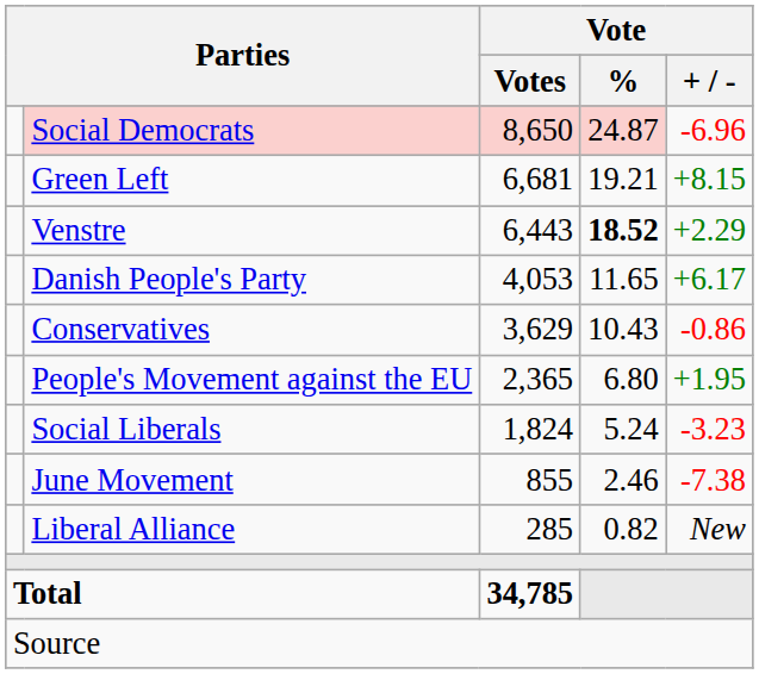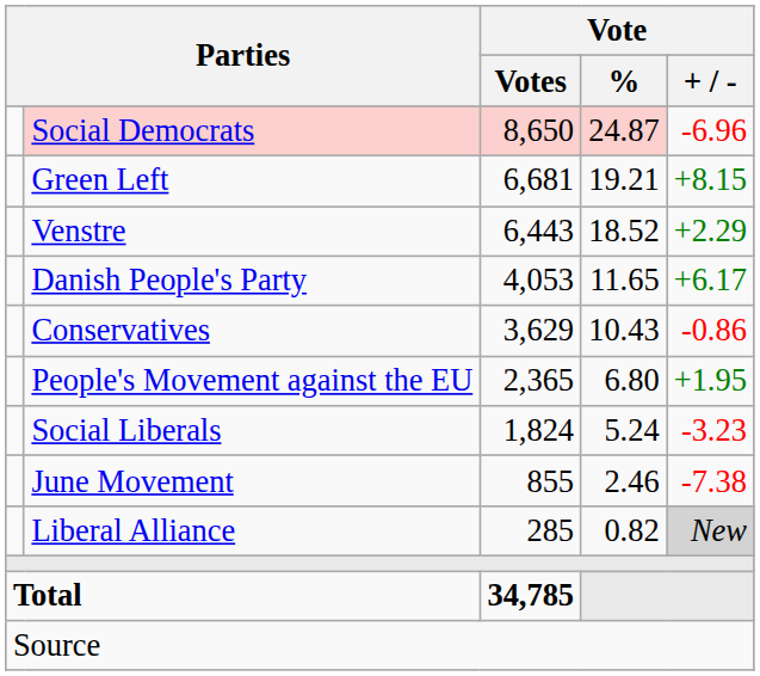 <table class="wikitable" style="text-align:right;">
 <tr>
 <th style="text-align:centre;" rowspan="2" colspan="2" width="225">Parties</th>
 <th colspan="3">Vote</th>
 </tr>
 <tr>
 <th width="15">Votes</th>
 <th width="15">%</th>
 <th width="15">+ / -</th>
 </tr>
 <tr>
 <td width="2" style="color:inherit;background:"></td>
 <td bgcolor=#fbd0ce   align="left"><a href='#'>Social Democrats</a></td>
 <td bgcolor=#fbd0ce>8,650</td>
 <td bgcolor=#fbd0ce>24.87</td>
 <td style=color:red;>-6.96</td>
 </tr>
 <tr>
 <td width="2" style="color:inherit;background:"></td>
 <td align="left"><a href='#'>Green Left</a></td>
 <td>6,681</td>
 <td>19.21</td>
 <td style=color:green;>+8.15</td>
 </tr>
 <tr>
 <td width="2" style="color:inherit;background:"></td>
 <td align="left"><a href='#'>Venstre</a></td>
 <td>6,443</td>
-<td><strong>18.52</strong></td>
+<td>18.52</td>
 <td style=color:green;>+2.29</td>
 </tr>
 <tr>
 <td width="2" style="color:inherit;background:"></td>
 <td align="left"><a href='#'>Danish People's Party</a></td>
 <td>4,053</td>
 <td>11.65</td>
 <td style=color:green;>+6.17</td>
 </tr>
 <tr>
 <td width="2" style="color:inherit;background:"></td>
 <td align="left"><a href='#'>Conservatives</a></td>
 <td>3,629</td>
 <td>10.43</td>
 <td style=color:red;>-0.86</td>
 </tr>
 <tr>
 <td width="2" style="color:inherit;background:"></td>
 <td align="left"><a href='#'>People's Movement against the EU</a></td>
 <td>2,365</td>
 <td>6.80</td>
 <td style=color:green;>+1.95</td>
 </tr>
 <tr>
 <td width="2" style="color:inherit;background:"></td>
 <td align="left"><a href='#'>Social Liberals</a></td>
 <td>1,824</td>
 <td>5.24</td>
 <td style=color:red;>-3.23</td>
 </tr>
 <tr>
 <td width="2" style="color:inherit;background:"></td>
 <td align="left"><a href='#'>June Movement</a></td>
 <td>855</td>
 <td>2.46</td>
 <td style=color:red;>-7.38</td>
 </tr>
 <tr>
 <td width="2" style="color:inherit;background:"></td>
 <td align="left"><a href='#'>Liberal Alliance</a></td>
 <td>285</td>
 <td>0.82</td>
-<td><em>New</em></td>
+<td style="background: lightgrey;"><em>New</em></td>
 </tr>
 <tr>
 <td colspan="7" bgcolor="#E9E9E9"></td>
 </tr>
 <tr>
 <td align="left" colspan="2"><strong>Total</strong></td>
 <td><strong>34,785</strong></td>
 <td bgcolor="#E9E9E9" colspan="2"></td>
 </tr>
 <tr>
 <td align="left" colspan="6">Source</td>
 </tr>
 </table>
